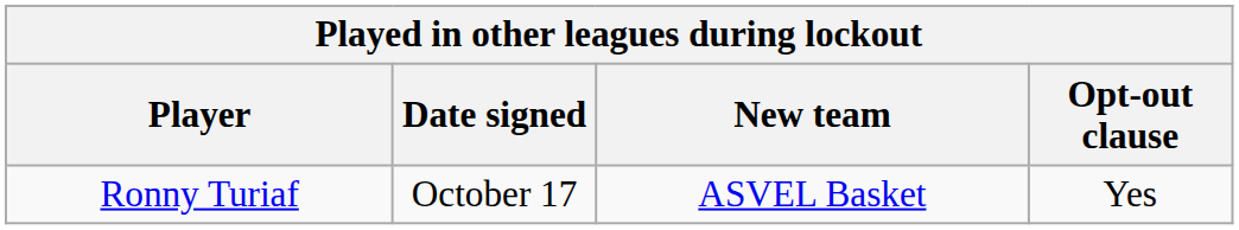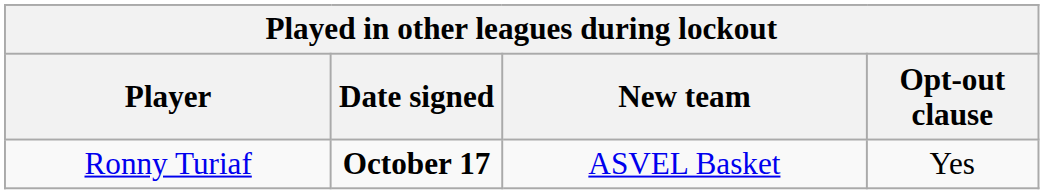 <table class="wikitable" style="text-align:center">
 <tr>
 <th colspan=4>Played in other leagues during lockout</th>
 </tr>
 <tr>
 <th style="width:160px">Player</th>
 <th style="width:80px">Date signed</th>
 <th style="width:180px">New team</th>
 <th style="width:80px">Opt-out clause</th>
 </tr>
 <tr>
 <td><a href='#'>Ronny Turiaf</a></td>
-<td>October 17</td>
+<td><strong>October 17</strong></td>
 <td><a href='#'>ASVEL Basket</a> </td>
 <td>Yes</td>
 </tr>
 </table>
